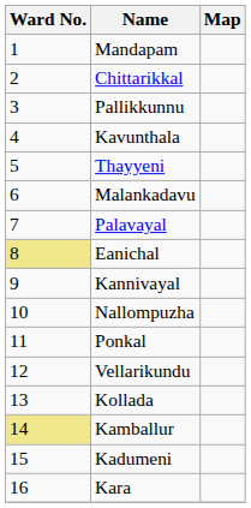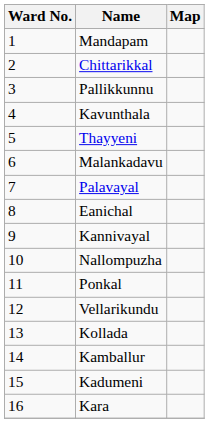 <table class="wikitable sortable">
 <tr>
 <th>Ward No.</th>
 <th>Name</th>
 <th>Map</th>
 </tr>
 <tr>
 <td>1</td>
 <td>Mandapam</td>
 <td></td>
 </tr>
 <tr>
 <td>2</td>
 <td><a href='#'>Chittarikkal</a></td>
 <td></td>
 </tr>
 <tr>
 <td>3</td>
 <td>Pallikkunnu</td>
 <td></td>
 </tr>
 <tr>
 <td>4</td>
 <td>Kavunthala</td>
 <td></td>
 </tr>
 <tr>
 <td>5</td>
 <td><a href='#'>Thayyeni</a></td>
 <td></td>
 </tr>
 <tr>
 <td>6</td>
 <td>Malankadavu</td>
 <td></td>
 </tr>
 <tr>
 <td>7</td>
 <td><a href='#'>Palavayal</a></td>
 <td></td>
 </tr>
 <tr>
-<td style="background: khaki;">8</td>
+<td>8</td>
 <td>Eanichal</td>
 <td></td>
 </tr>
 <tr>
 <td>9</td>
 <td>Kannivayal</td>
 <td></td>
 </tr>
 <tr>
 <td>10</td>
 <td>Nallompuzha</td>
 <td></td>
 </tr>
 <tr>
 <td>11</td>
 <td>Ponkal</td>
 <td></td>
 </tr>
 <tr>
 <td>12</td>
 <td>Vellarikundu</td>
 <td></td>
 </tr>
 <tr>
 <td>13</td>
 <td>Kollada</td>
 <td></td>
 </tr>
 <tr>
-<td style="background: khaki;">14</td>
+<td>14</td>
 <td>Kamballur</td>
 <td></td>
 </tr>
 <tr>
 <td>15</td>
 <td>Kadumeni</td>
 <td></td>
 </tr>
 <tr>
 <td>16</td>
 <td>Kara</td>
 <td></td>
 </tr>
 <tr>
 </tr>
 </table>
